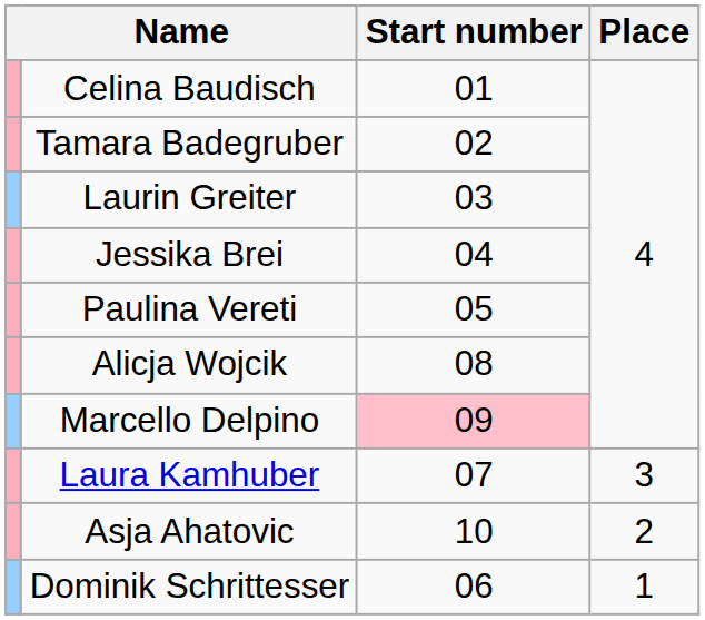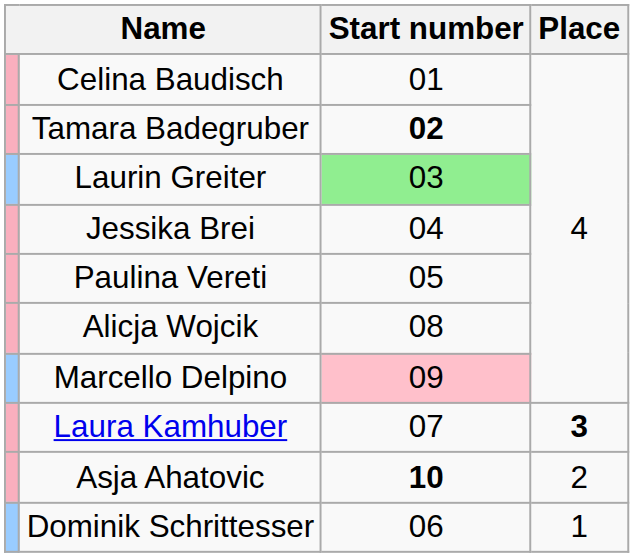 <table class="wikitable sortable" style="text-align:center">
 <tr>
 <th colspan=2>Name</th>
 <th>Start number</th>
 <th>Place</th>
 </tr>
 <tr>
 <td style="background:#faafbe"></td>
 <td>Celina Baudisch</td>
 <td>01</td>
 <td rowspan=7>4</td>
 </tr>
 <tr>
 <td style="background:#faafbe"></td>
 <td>Tamara Badegruber</td>
-<td>02</td>
+<td><strong>02</strong></td>
 </tr>
 <tr>
 <td style="background:#9cf;"></td>
 <td>Laurin Greiter</td>
-<td>03</td>
+<td style="background: lightgreen;">03</td>
 </tr>
 <tr>
 <td style="background:#faafbe"></td>
 <td>Jessika Brei</td>
 <td>04</td>
 </tr>
 <tr>
 <td style="background:#faafbe"></td>
 <td>Paulina Vereti</td>
 <td>05</td>
 </tr>
 <tr>
 <td style="background:#faafbe"></td>
 <td>Alicja Wojcik</td>
 <td>08</td>
 </tr>
 <tr>
 <td style="background:#9cf;"></td>
 <td>Marcello Delpino</td>
 <td style="background: pink;">09</td>
 </tr>
 <tr>
 <td style="background:#faafbe"></td>
 <td><a href='#'>Laura Kamhuber</a></td>
 <td>07</td>
-<td>3</td>
+<td><strong>3</strong></td>
 </tr>
 <tr>
 <td style="background:#faafbe"></td>
 <td>Asja Ahatovic</td>
-<td>10</td>
+<td><strong>10</strong></td>
 <td>2</td>
 </tr>
 <tr>
 <td style="background:#9cf;"></td>
 <td>Dominik Schrittesser</td>
 <td>06</td>
 <td>1</td>
 </tr>
 </table>
